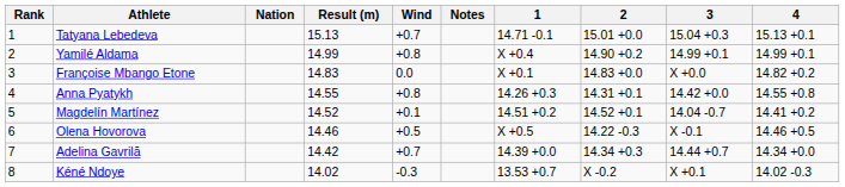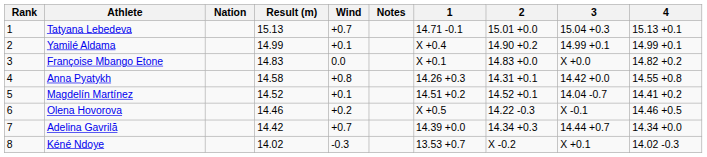 <table class="wikitable" style="text=align:center;" width=85%>
 <tr>
 <th>Rank</th>
 <th>Athlete</th>
 <th>Nation</th>
 <th>Result (m)</th>
 <th>Wind</th>
 <th>Notes</th>
 <th>1</th>
 <th>2</th>
 <th>3</th>
 <th>4</th>
 </tr>
 <tr>
 <td>1</td>
 <td><a href='#'>Tatyana Lebedeva</a></td>
 <td></td>
 <td>15.13</td>
 <td>+0.7</td>
 <td></td>
 <td>14.71 -0.1</td>
 <td>15.01 +0.0</td>
 <td>15.04 +0.3</td>
 <td>15.13 +0.1</td>
 </tr>
 <tr>
 <td>2</td>
 <td><a href='#'>Yamilé Aldama</a></td>
 <td></td>
 <td>14.99</td>
-<td>+0.8</td>
+<td>+0.1</td>
 <td></td>
 <td>X +0.4</td>
 <td>14.90 +0.2</td>
 <td>14.99 +0.1</td>
 <td>14.99 +0.1</td>
 </tr>
 <tr>
 <td>3</td>
 <td><a href='#'>Françoise Mbango Etone</a></td>
 <td></td>
 <td>14.83</td>
 <td>0.0</td>
 <td></td>
 <td>X +0.1</td>
 <td>14.83 +0.0</td>
 <td>X +0.0</td>
 <td>14.82 +0.2</td>
 </tr>
 <tr>
 <td>4</td>
 <td><a href='#'>Anna Pyatykh</a></td>
 <td></td>
-<td>14.55</td>
+<td>14.58</td>
 <td>+0.8</td>
 <td></td>
 <td>14.26 +0.3</td>
 <td>14.31 +0.1</td>
 <td>14.42 +0.0</td>
 <td>14.55 +0.8</td>
 </tr>
 <tr>
 <td>5</td>
 <td><a href='#'>Magdelín Martínez</a></td>
 <td></td>
 <td>14.52</td>
 <td>+0.1</td>
 <td></td>
 <td>14.51 +0.2</td>
 <td>14.52 +0.1</td>
 <td>14.04 -0.7</td>
 <td>14.41 +0.2</td>
 </tr>
 <tr>
 <td>6</td>
 <td><a href='#'>Olena Hovorova</a></td>
 <td></td>
 <td>14.46</td>
-<td>+0.5</td>
+<td>+0.2</td>
 <td></td>
 <td>X +0.5</td>
 <td>14.22 -0.3</td>
 <td>X -0.1</td>
 <td>14.46 +0.5</td>
 </tr>
 <tr>
 <td>7</td>
 <td><a href='#'>Adelina Gavrilă</a></td>
 <td></td>
 <td>14.42</td>
 <td>+0.7</td>
 <td></td>
 <td>14.39 +0.0</td>
 <td>14.34 +0.3</td>
 <td>14.44 +0.7</td>
 <td>14.34 +0.0</td>
 </tr>
 <tr>
 <td>8</td>
 <td><a href='#'>Kéné Ndoye</a></td>
 <td></td>
 <td>14.02</td>
 <td>-0.3</td>
 <td></td>
 <td>13.53 +0.7</td>
 <td>X -0.2</td>
 <td>X +0.1</td>
 <td>14.02 -0.3</td>
 </tr>
 </table>
